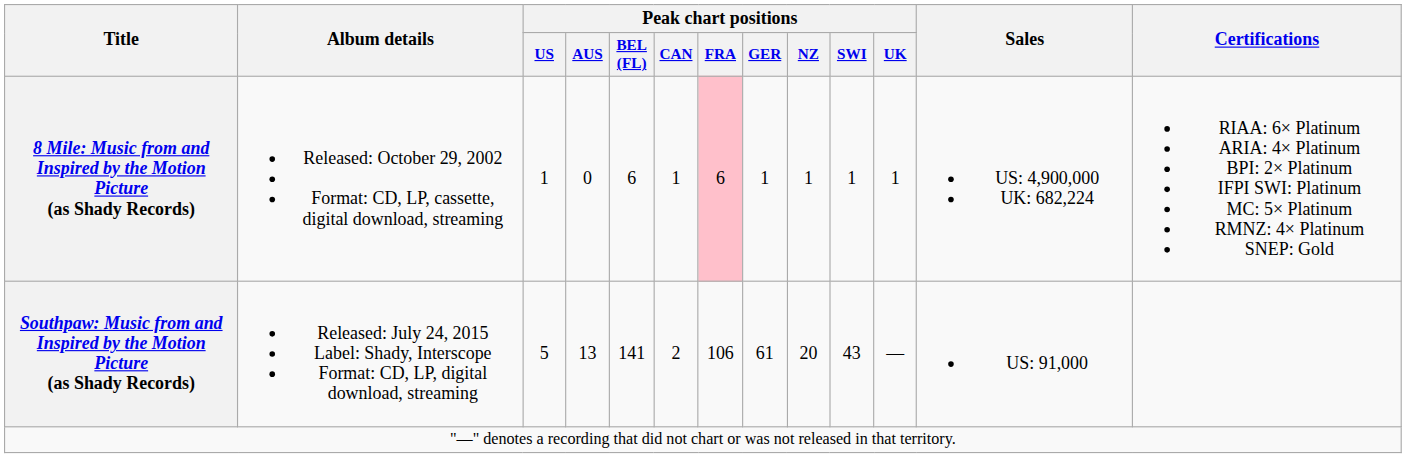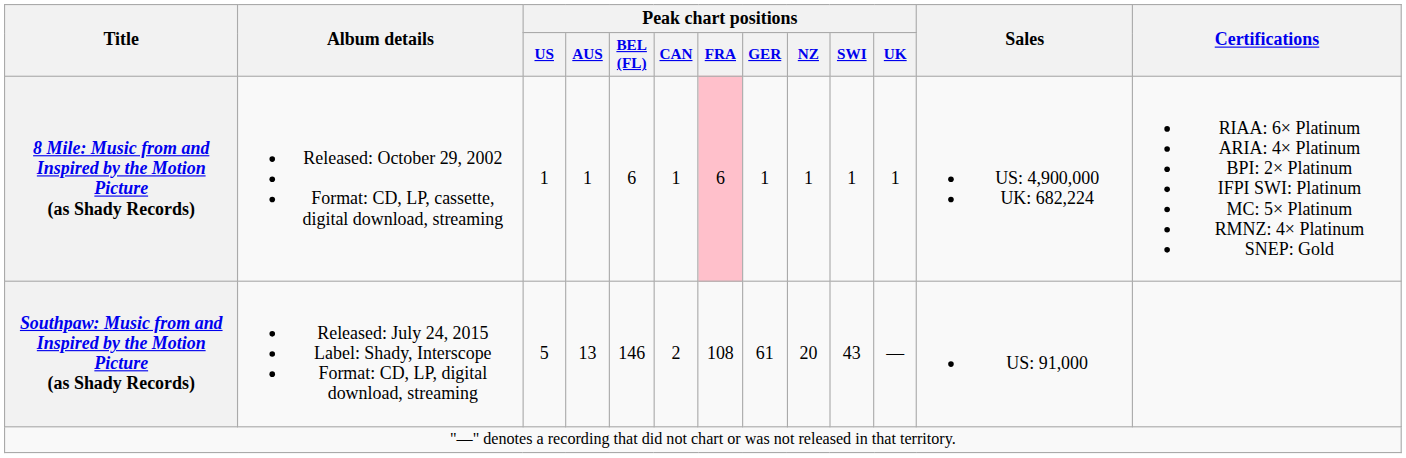 <table class="wikitable plainrowheaders" style="text-align:center;">
 <tr>
 <th scope="col" rowspan="2" style="width:14em;">Title</th>
 <th scope="col" rowspan="2" style="width:17em;">Album details</th>
 <th scope="col" colspan="9">Peak chart positions</th>
 <th scope="col" rowspan="2" style="width:12.5em;">Sales</th>
 <th scope="col" rowspan="2" style="width:16em;"><a href='#'>Certifications</a></th>
 </tr>
 <tr>
 <th style="width:2.5em; font-size:85%"><a href='#'>US</a><br></th>
 <th style="width:2.5em; font-size:85%"><a href='#'>AUS</a><br></th>
 <th style="width:2.5em; font-size:85%"><a href='#'>BEL<br>(FL)</a><br></th>
 <th style="width:2.5em; font-size:85%"><a href='#'>CAN</a><br></th>
 <th style="width:2.5em; font-size:85%"><a href='#'>FRA</a><br></th>
 <th style="width:2.5em; font-size:85%"><a href='#'>GER</a><br></th>
 <th style="width:2.5em; font-size:85%"><a href='#'>NZ</a><br></th>
 <th style="width:2.5em; font-size:85%"><a href='#'>SWI</a><br></th>
 <th style="width:2.5em; font-size:85%"><a href='#'>UK</a><br></th>
 </tr>
 <tr>
 <th scope="row"><em><a href='#'>8 Mile: Music from and Inspired by the Motion Picture</a></em><br><span>(as Shady Records)</span></th>
 <td><br><ul><li>Released: October 29, 2002</li><li></li><li>Format: CD, LP, cassette, digital download, streaming</li></ul></td>
 <td>1</td>
-<td>0</td>
+<td>1</td>
 <td>6</td>
 <td>1</td>
 <td style="background: pink;">6</td>
 <td>1</td>
 <td>1</td>
 <td>1</td>
 <td>1</td>
 <td><br><ul><li>US: 4,900,000</li><li>UK: 682,224</li></ul></td>
 <td><br><ul><li>RIAA: 6× Platinum</li><li>ARIA: 4× Platinum</li><li>BPI: 2× Platinum</li><li>IFPI SWI: Platinum</li><li>MC: 5× Platinum</li><li>RMNZ: 4× Platinum</li><li>SNEP: Gold</li></ul></td>
 </tr>
 <tr>
 <th scope="row"><em><a href='#'>Southpaw: Music from and Inspired by the Motion Picture</a></em><br><span>(as Shady Records)</span></th>
 <td><br><ul><li>Released: July 24, 2015</li><li>Label: Shady, Interscope</li><li>Format: CD, LP, digital download, streaming</li></ul></td>
 <td>5</td>
 <td>13</td>
-<td>141</td>
+<td>146</td>
 <td>2</td>
-<td>106</td>
+<td>108</td>
 <td>61</td>
 <td>20</td>
 <td>43</td>
 <td>—</td>
 <td><br><ul><li>US: 91,000</li></ul></td>
 <td></td>
 </tr>
 <tr>
 <td colspan="14" style="font-size:90%">"—" denotes a recording that did not chart or was not released in that territory.</td>
 </tr>
 </table>
